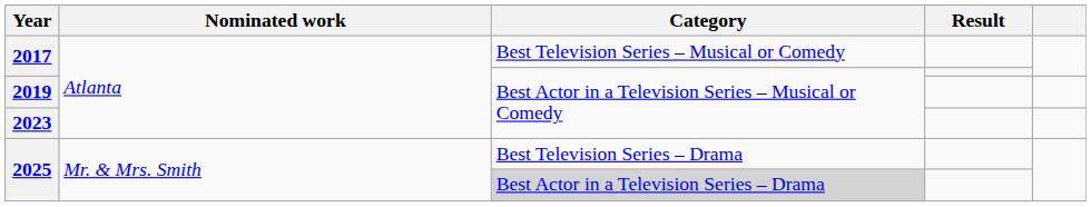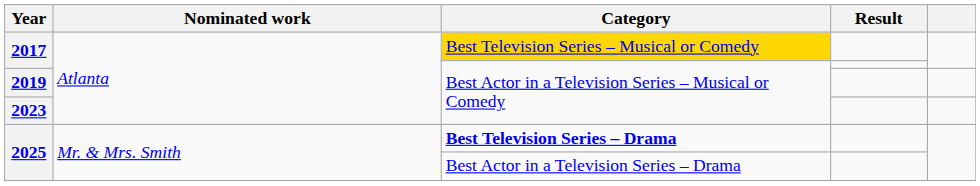 <table class="wikitable plainrowheaders" style="width:100%;">
 <tr>
 <th scope="col" style="width:5%;">Year</th>
 <th scope="col" style="width:40%;">Nominated work</th>
 <th scope="col" style="width:40%;">Category</th>
 <th scope="col" style="width:10%;">Result</th>
 <th scope="col" style="width:5%;"></th>
 </tr>
 <tr>
 <th scope="row" style="text-align:center;" rowspan="2"><a href='#'>2017</a></th>
 <td rowspan="4"><em><a href='#'>Atlanta</a></em></td>
-<td><a href='#'>Best Television Series – Musical or Comedy</a></td>
+<td style="background: gold;"><a href='#'>Best Television Series – Musical or Comedy</a></td>
 <td></td>
 <td style="text-align:center;" rowspan="2"></td>
 </tr>
 <tr>
 <td rowspan="3"><a href='#'>Best Actor in a Television Series – Musical or Comedy</a></td>
 <td></td>
 </tr>
 <tr>
 <th scope="row" style="text-align:center;"><a href='#'>2019</a></th>
 <td></td>
 <td style="text-align:center;"></td>
 </tr>
 <tr>
 <th scope="row" style="text-align:center;"><a href='#'>2023</a></th>
 <td></td>
 <td style="text-align:center;"></td>
 </tr>
 <tr>
 <th scope="row" style="text-align:center;" rowspan="2"><a href='#'>2025</a></th>
 <td rowspan="2"><em><a href='#'>Mr. & Mrs. Smith</a></em></td>
-<td><a href='#'>Best Television Series – Drama</a></td>
+<td><strong><a href='#'>Best Television Series – Drama</a></strong></td>
 <td></td>
 <td style="text-align:center;" rowspan="2"></td>
 </tr>
 <tr>
-<td style="background: lightgrey;"><a href='#'>Best Actor in a Television Series – Drama</a></td>
+<td><a href='#'>Best Actor in a Television Series – Drama</a></td>
 <td></td>
 </tr>
 </table>
